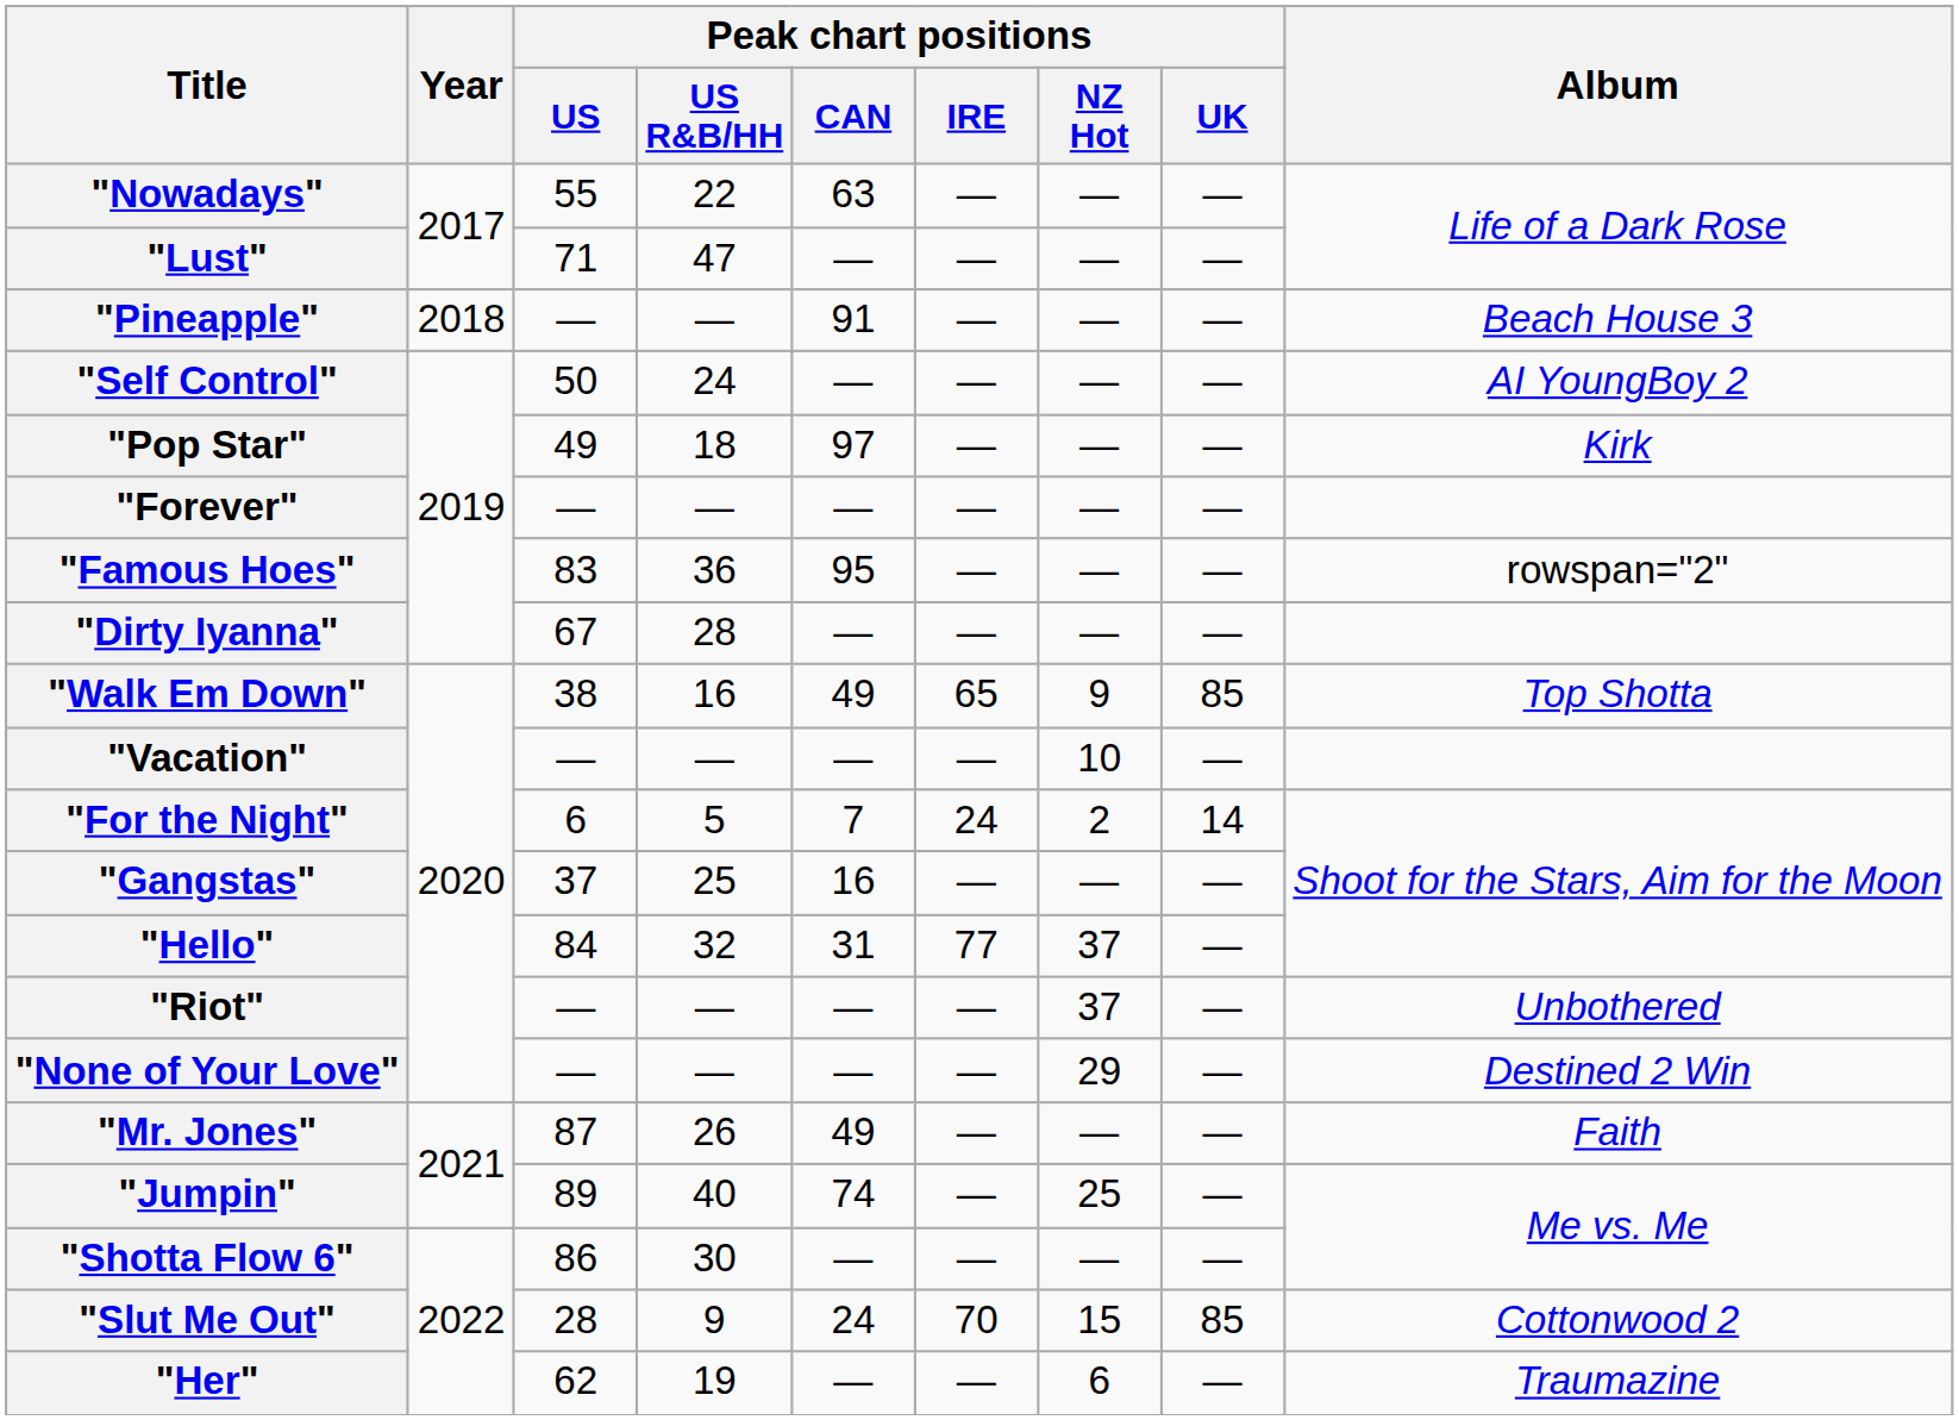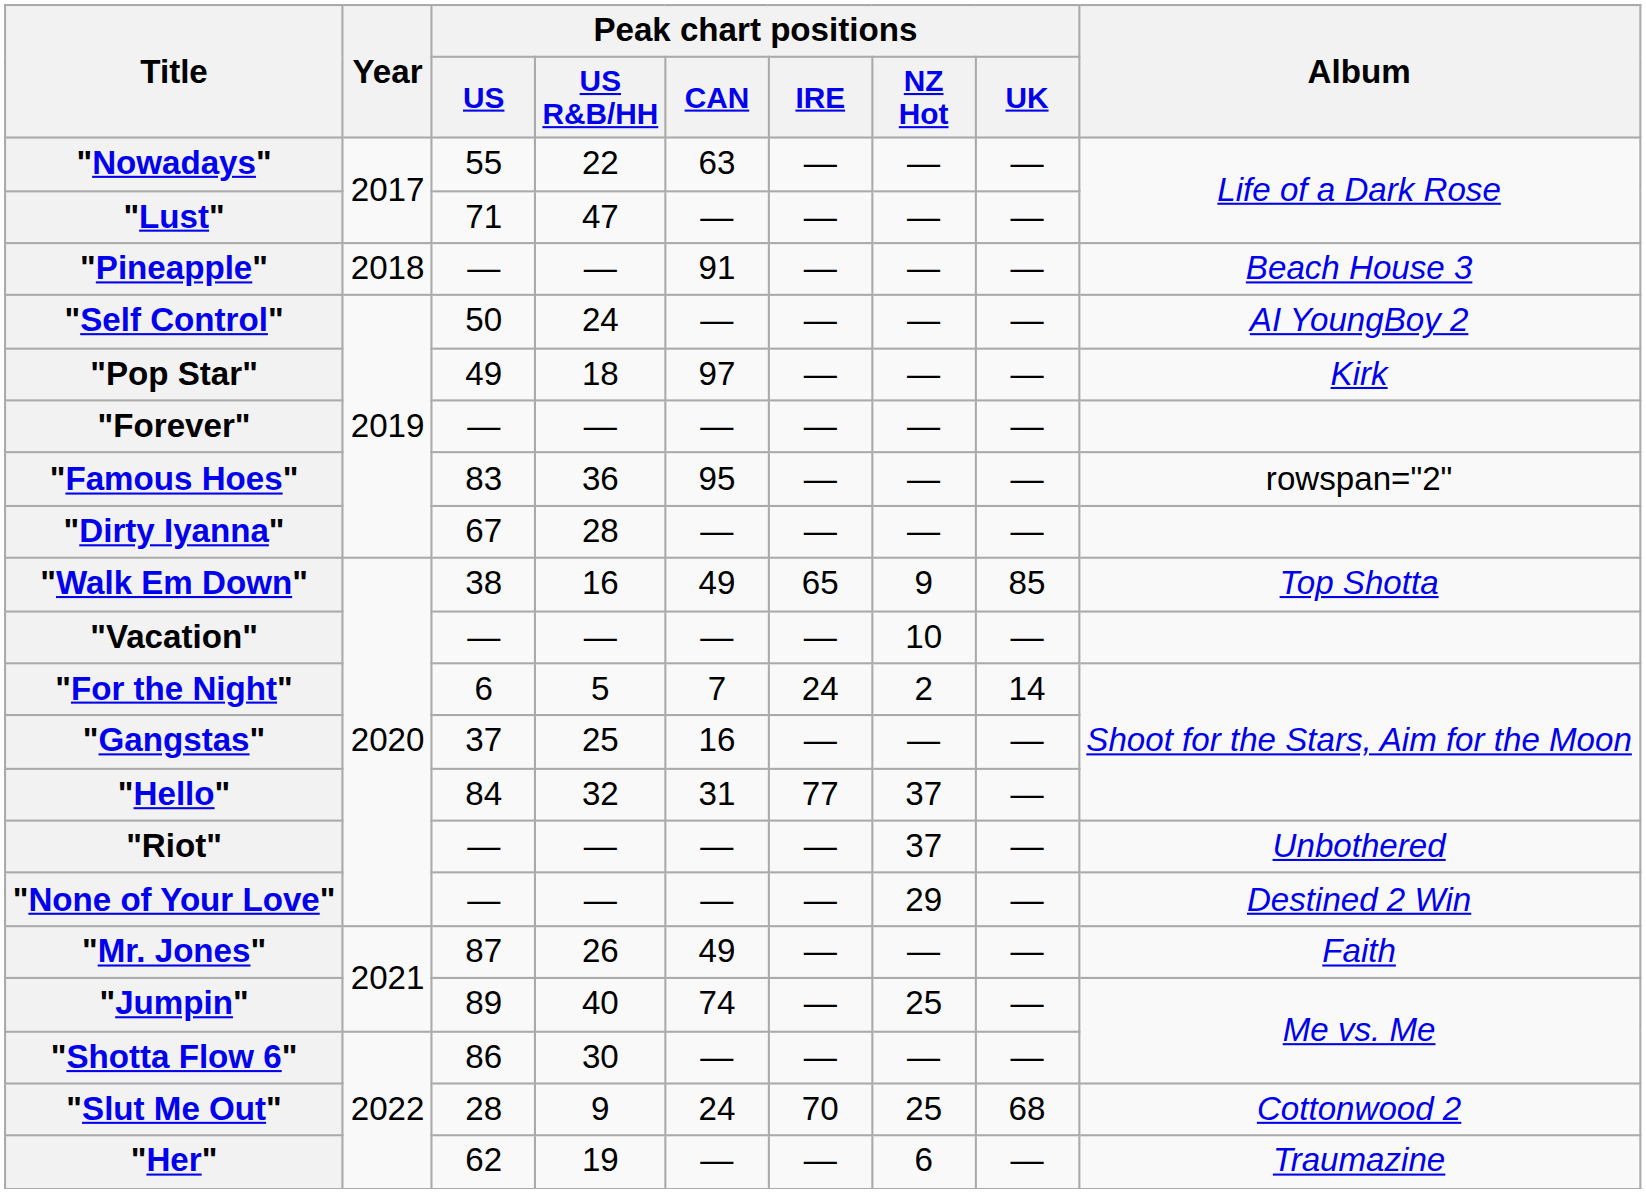 <table class="wikitable plainrowheaders" style="text-align:center;">
 <tr>
 <th rowspan="2">Title</th>
 <th rowspan="2">Year</th>
 <th colspan="6">Peak chart positions</th>
 <th rowspan="2">Album</th>
 </tr>
 <tr>
 <th scope="col" style="width:3em;font-size:90%;"><a href='#'>US</a></th>
 <th scope="col" style="width:3em;font-size:90%;"><a href='#'>US<br>R&B/HH</a></th>
 <th scope="col" style="width:3em;font-size:90%;"><a href='#'>CAN</a></th>
 <th scope="col" style="width:3em;font-size:90%;"><a href='#'>IRE</a></th>
 <th scope="col" style="width:3em;font-size:90%;"><a href='#'>NZ<br>Hot</a></th>
 <th scope="col" style="width:3em;font-size:90%;"><a href='#'>UK</a></th>
 </tr>
 <tr>
 <th scope="row">"<a href='#'>Nowadays</a>"<br></th>
 <td rowspan="2">2017</td>
 <td>55</td>
 <td>22</td>
 <td>63</td>
 <td>—</td>
 <td>—</td>
 <td>—</td>
 <td rowspan="2"><em><a href='#'>Life of a Dark Rose</a></em></td>
 </tr>
 <tr>
 <th scope="row">"<a href='#'>Lust</a>"<br></th>
 <td>71</td>
 <td>47</td>
 <td>—</td>
 <td>—</td>
 <td>—</td>
 <td>—</td>
 </tr>
 <tr>
 <th scope="row">"<a href='#'>Pineapple</a>"<br></th>
 <td>2018</td>
 <td>—</td>
 <td>—</td>
 <td>91</td>
 <td>—</td>
 <td>—</td>
 <td>—</td>
 <td><em><a href='#'>Beach House 3</a></em></td>
 </tr>
 <tr>
 <th scope="row">"<a href='#'>Self Control</a>"<br></th>
 <td rowspan="5">2019</td>
 <td>50</td>
 <td>24</td>
 <td>—</td>
 <td>—</td>
 <td>—</td>
 <td>—</td>
 <td><em><a href='#'>AI YoungBoy 2</a></em></td>
 </tr>
 <tr>
 <th scope="row">"Pop Star"<br></th>
 <td>49</td>
 <td>18</td>
 <td>97</td>
 <td>—</td>
 <td>—</td>
 <td>—</td>
 <td><em><a href='#'>Kirk</a></em></td>
 </tr>
 <tr>
 <th scope="row">"Forever"<br></th>
 <td>—</td>
 <td>—</td>
 <td>—</td>
 <td>—</td>
 <td>—</td>
 <td>—</td>
 <td></td>
 </tr>
 <tr>
 <th scope="row">"<a href='#'>Famous Hoes</a>"<br></th>
 <td>83</td>
 <td>36</td>
 <td>95</td>
 <td>—</td>
 <td>—</td>
 <td>—</td>
 <td>rowspan="2"</td>
 </tr>
 <tr>
 <th scope="row">"<a href='#'>Dirty Iyanna</a>"<br></th>
 <td>67</td>
 <td>28</td>
 <td>—</td>
 <td>—</td>
 <td>—</td>
 <td>—</td>
 </tr>
 <tr>
 <th scope="row">"<a href='#'>Walk Em Down</a>"<br></th>
 <td rowspan="7">2020</td>
 <td>38</td>
 <td>16</td>
 <td>49</td>
 <td>65</td>
 <td>9</td>
 <td>85</td>
 <td><em><a href='#'>Top Shotta</a></em></td>
 </tr>
 <tr>
 <th scope="row">"Vacation"<br></th>
 <td>—</td>
 <td>—</td>
 <td>—</td>
 <td>—</td>
 <td>10</td>
 <td>—</td>
 <td></td>
 </tr>
 <tr>
 <th scope="row">"<a href='#'>For the Night</a>"<br></th>
 <td>6</td>
 <td>5</td>
 <td>7</td>
 <td>24</td>
 <td>2</td>
 <td>14</td>
 <td rowspan="3"><em><a href='#'>Shoot for the Stars, Aim for the Moon</a></em></td>
 </tr>
 <tr>
 <th scope="row">"<a href='#'>Gangstas</a>"<br></th>
 <td>37</td>
 <td>25</td>
 <td>16</td>
 <td>—</td>
 <td>—</td>
 <td>—</td>
 </tr>
 <tr>
 <th scope="row">"<a href='#'>Hello</a>"<br></th>
 <td>84</td>
 <td>32</td>
 <td>31</td>
 <td>77</td>
 <td>37</td>
 <td>—</td>
 </tr>
 <tr>
 <th scope="row">"Riot"<br></th>
 <td>—</td>
 <td>—</td>
 <td>—</td>
 <td>—</td>
 <td>37</td>
 <td>—</td>
 <td><em><a href='#'>Unbothered</a></em></td>
 </tr>
 <tr>
 <th scope="row">"<a href='#'>None of Your Love</a>"<br></th>
 <td>—</td>
 <td>—</td>
 <td>—</td>
 <td>—</td>
 <td>29</td>
 <td>—</td>
 <td><em><a href='#'>Destined 2 Win</a></em></td>
 </tr>
 <tr>
 <th scope="row">"<a href='#'>Mr. Jones</a>"<br></th>
 <td rowspan="2">2021</td>
 <td>87</td>
 <td>26</td>
 <td>49</td>
 <td>—</td>
 <td>—</td>
 <td>—</td>
 <td><em><a href='#'>Faith</a></em></td>
 </tr>
 <tr>
 <th scope="row">"<a href='#'>Jumpin</a>"<br></th>
 <td>89</td>
 <td>40</td>
 <td>74</td>
 <td>—</td>
 <td>25</td>
 <td>—</td>
 <td rowspan="2"><em><a href='#'>Me vs. Me</a></em></td>
 </tr>
 <tr>
 <th scope="row">"<a href='#'>Shotta Flow 6</a>"<br></th>
 <td rowspan="3">2022</td>
 <td>86</td>
 <td>30</td>
 <td>—</td>
 <td>—</td>
 <td>—</td>
 <td>—</td>
 </tr>
 <tr>
 <th scope="row">"<a href='#'>Slut Me Out</a>"<br></th>
 <td>28</td>
 <td>9</td>
 <td>24</td>
 <td>70</td>
-<td>15</td>
-<td>85</td>
+<td>25</td>
+<td>68</td>
 <td><em><a href='#'>Cottonwood 2</a></em></td>
 </tr>
 <tr>
 <th scope="row">"<a href='#'>Her</a>"<br></th>
 <td>62</td>
 <td>19</td>
 <td>—</td>
 <td>—</td>
 <td>6</td>
 <td>—</td>
 <td><em><a href='#'>Traumazine</a></em></td>
 </tr>
 <tr>
 </tr>
 </table>
